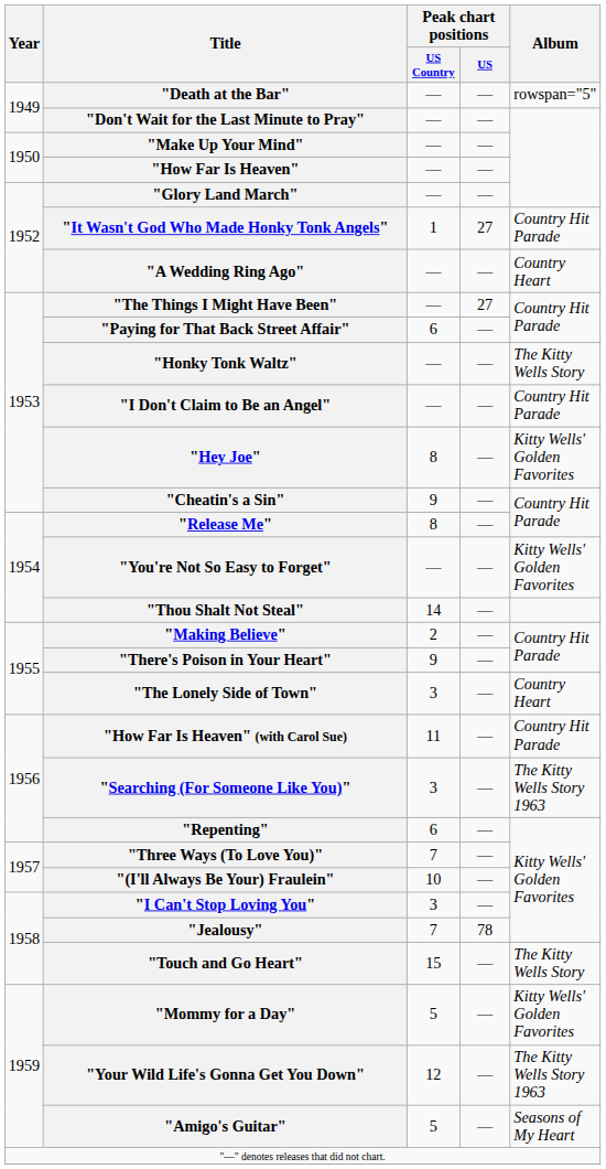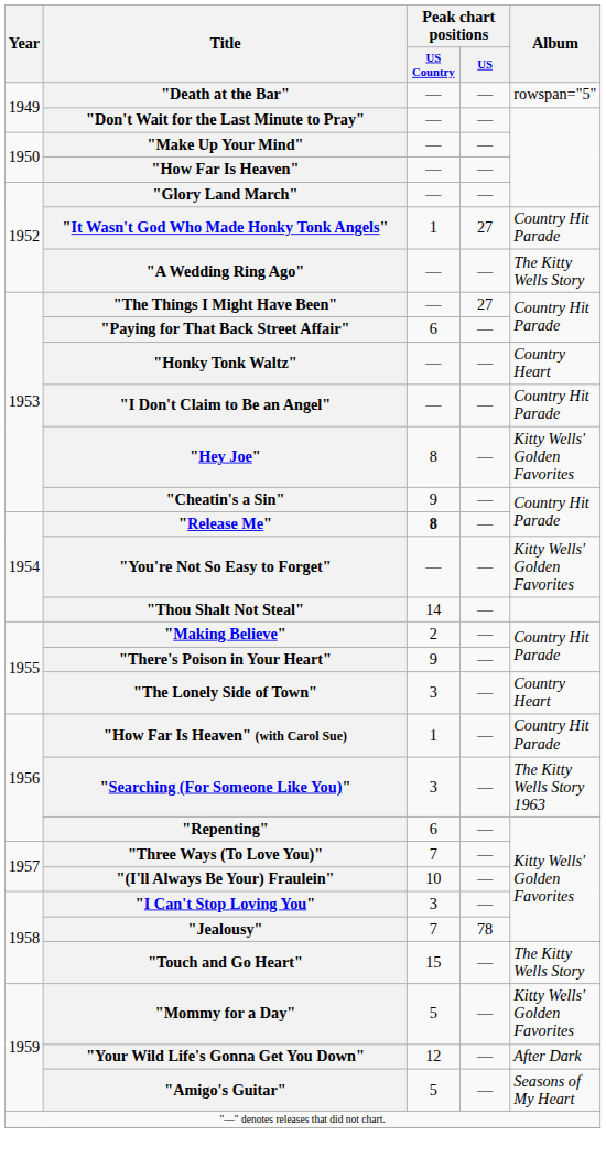 <table class="wikitable plainrowheaders" style="text-align:center;">
 <tr>
 <th scope="col" rowspan="2">Year</th>
 <th scope="col" rowspan="2" style="width:24em;">Title</th>
 <th scope="col" colspan="2">Peak chart positions</th>
 <th scope="col" rowspan="2">Album</th>
 </tr>
 <tr>
 <th scope="col" style="width:4em;font-size:75%;"><a href='#'>US Country</a><br></th>
 <th scope="col" style="width:4em;font-size:75%;"><a href='#'>US</a><br></th>
 </tr>
 <tr>
 <td rowspan="2">1949</td>
 <th scope="row">"Death at the Bar"</th>
 <td>—</td>
 <td>—</td>
 <td>rowspan="5" </td>
 </tr>
 <tr>
 <th scope="row">"Don't Wait for the Last Minute to Pray"</th>
 <td>—</td>
 <td>—</td>
 </tr>
 <tr>
 <td rowspan="2">1950</td>
 <th scope="row">"Make Up Your Mind"</th>
 <td>—</td>
 <td>—</td>
 </tr>
 <tr>
 <th scope="row">"How Far Is Heaven"</th>
 <td>—</td>
 <td>—</td>
 </tr>
 <tr>
 <td rowspan="3">1952</td>
 <th scope="row">"Glory Land March"</th>
 <td>—</td>
 <td>—</td>
 </tr>
 <tr>
 <th scope="row">"<a href='#'>It Wasn't God Who Made Honky Tonk Angels</a>"</th>
 <td>1</td>
 <td>27</td>
 <td align="left"><em>Country Hit Parade</em></td>
 </tr>
 <tr>
 <th scope="row">"A Wedding Ring Ago"</th>
 <td>—</td>
 <td>—</td>
-<td align="left"><em>Country Heart</em></td>
+<td align="left"><em>The Kitty Wells Story</em></td>
 </tr>
 <tr>
 <td rowspan="6">1953</td>
 <th scope="row">"The Things I Might Have Been"</th>
 <td>—</td>
 <td>27</td>
 <td align="left" rowspan="2"><em>Country Hit Parade</em></td>
 </tr>
 <tr>
 <th scope="row">"Paying for That Back Street Affair"</th>
 <td>6</td>
 <td>—</td>
 </tr>
 <tr>
 <th scope="row">"Honky Tonk Waltz"</th>
 <td>—</td>
 <td>—</td>
-<td align="left"><em>The Kitty Wells Story</em></td>
+<td align="left"><em>Country Heart</em></td>
 </tr>
 <tr>
 <th scope="row">"I Don't Claim to Be an Angel"</th>
 <td>—</td>
 <td>—</td>
 <td align="left"><em>Country Hit Parade</em></td>
 </tr>
 <tr>
 <th scope="row">"<a href='#'>Hey Joe</a>"</th>
 <td>8</td>
 <td>—</td>
 <td align="left"><em>Kitty Wells' Golden Favorites</em></td>
 </tr>
 <tr>
 <th scope="row">"Cheatin's a Sin"</th>
 <td>9</td>
 <td>—</td>
 <td align="left" rowspan="2"><em>Country Hit Parade</em></td>
 </tr>
 <tr>
 <td rowspan="3">1954</td>
 <th scope="row">"<a href='#'>Release Me</a>"</th>
-<td>8</td>
+<td><strong>8</strong></td>
 <td>—</td>
 </tr>
 <tr>
 <th scope="row">"You're Not So Easy to Forget"</th>
 <td>—</td>
 <td>—</td>
 <td align="left"><em>Kitty Wells' Golden Favorites</em></td>
 </tr>
 <tr>
 <th scope="row">"Thou Shalt Not Steal"</th>
 <td>14</td>
 <td>—</td>
 <td></td>
 </tr>
 <tr>
 <td rowspan="3">1955</td>
 <th scope="row">"<a href='#'>Making Believe</a>"</th>
 <td>2</td>
 <td>—</td>
 <td align="left" rowspan="2"><em>Country Hit Parade</em></td>
 </tr>
 <tr>
 <th scope="row">"There's Poison in Your Heart"</th>
 <td>9</td>
 <td>—</td>
 </tr>
 <tr>
 <th scope="row">"The Lonely Side of Town"</th>
 <td>3</td>
 <td>—</td>
 <td align="left"><em>Country Heart</em></td>
 </tr>
 <tr>
 <td rowspan="3">1956</td>
 <th scope="row">"How Far Is Heaven" <small>(with Carol Sue)</small></th>
-<td>11</td>
+<td>1</td>
 <td>—</td>
 <td align="left"><em>Country Hit Parade</em></td>
 </tr>
 <tr>
 <th scope="row">"<a href='#'>Searching (For Someone Like You)</a>"</th>
 <td>3</td>
 <td>—</td>
 <td align="left"><em>The Kitty Wells Story 1963</em></td>
 </tr>
 <tr>
 <th scope="row">"Repenting"</th>
 <td>6</td>
 <td>—</td>
 <td align="left" rowspan="5"><em>Kitty Wells' Golden Favorites</em></td>
 </tr>
 <tr>
 <td rowspan="2">1957</td>
 <th scope="row">"Three Ways (To Love You)"</th>
 <td>7</td>
 <td>—</td>
 </tr>
 <tr>
 <th scope="row">"(I'll Always Be Your) Fraulein"</th>
 <td>10</td>
 <td>—</td>
 </tr>
 <tr>
 <td rowspan="3">1958</td>
 <th scope="row">"<a href='#'>I Can't Stop Loving You</a>"</th>
 <td>3</td>
 <td>—</td>
 </tr>
 <tr>
 <th scope="row">"Jealousy"</th>
 <td>7</td>
 <td>78</td>
 </tr>
 <tr>
 <th scope="row">"Touch and Go Heart"</th>
 <td>15</td>
 <td>—</td>
 <td align="left"><em>The Kitty Wells Story</em></td>
 </tr>
 <tr>
 <td rowspan="3">1959</td>
 <th scope="row">"Mommy for a Day"</th>
 <td>5</td>
 <td>—</td>
 <td align="left"><em>Kitty Wells' Golden Favorites</em></td>
 </tr>
 <tr>
 <th scope="row">"Your Wild Life's Gonna Get You Down"</th>
 <td>12</td>
 <td>—</td>
-<td align="left"><em>The Kitty Wells Story 1963</em></td>
+<td align="left"><em>After Dark</em></td>
 </tr>
 <tr>
 <th scope="row">"Amigo's Guitar"</th>
 <td>5</td>
 <td>—</td>
 <td align="left"><em>Seasons of My Heart</em></td>
 </tr>
 <tr>
 <td align="center" colspan="10" style="font-size: 8pt">"—" denotes releases that did not chart.</td>
 </tr>
 <tr>
 </tr>
 </table>
